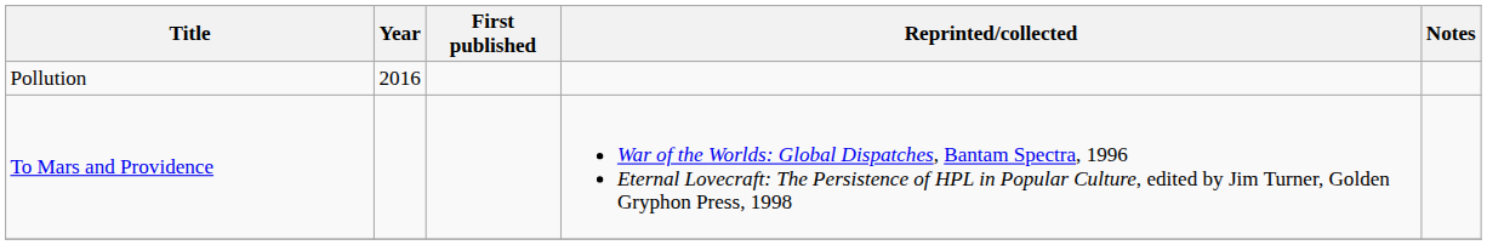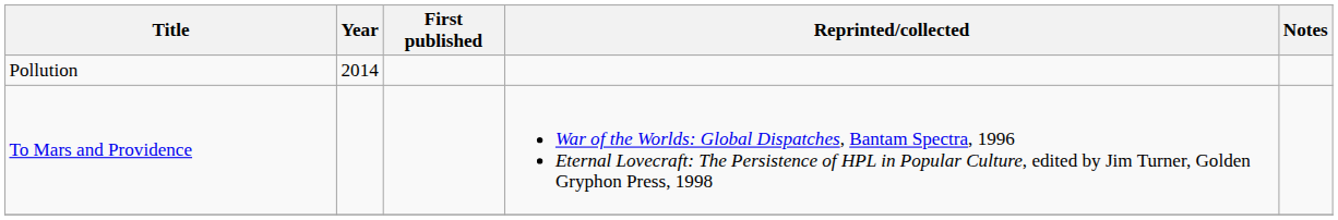 <table class='wikitable sortable' width='90%'>
 <tr>
 <th width=25%>Title</th>
 <th>Year</th>
 <th>First published</th>
 <th>Reprinted/collected</th>
 <th>Notes</th>
 </tr>
 <tr>
 <td>Pollution</td>
-<td>2016</td>
+<td>2014</td>
 <td></td>
 <td></td>
 <td></td>
 </tr>
 <tr>
 <td><a href='#'>To Mars and Providence</a></td>
 <td></td>
 <td></td>
 <td><br><ul><li><em><a href='#'>War of the Worlds: Global Dispatches</a></em>, <a href='#'>Bantam Spectra</a>, 1996</li><li><em>Eternal Lovecraft: The Persistence of HPL in Popular Culture</em>, edited by Jim Turner, Golden Gryphon Press, 1998</li></ul></td>
 <td></td>
 </tr>
 <tr>
 </tr>
 </table>
